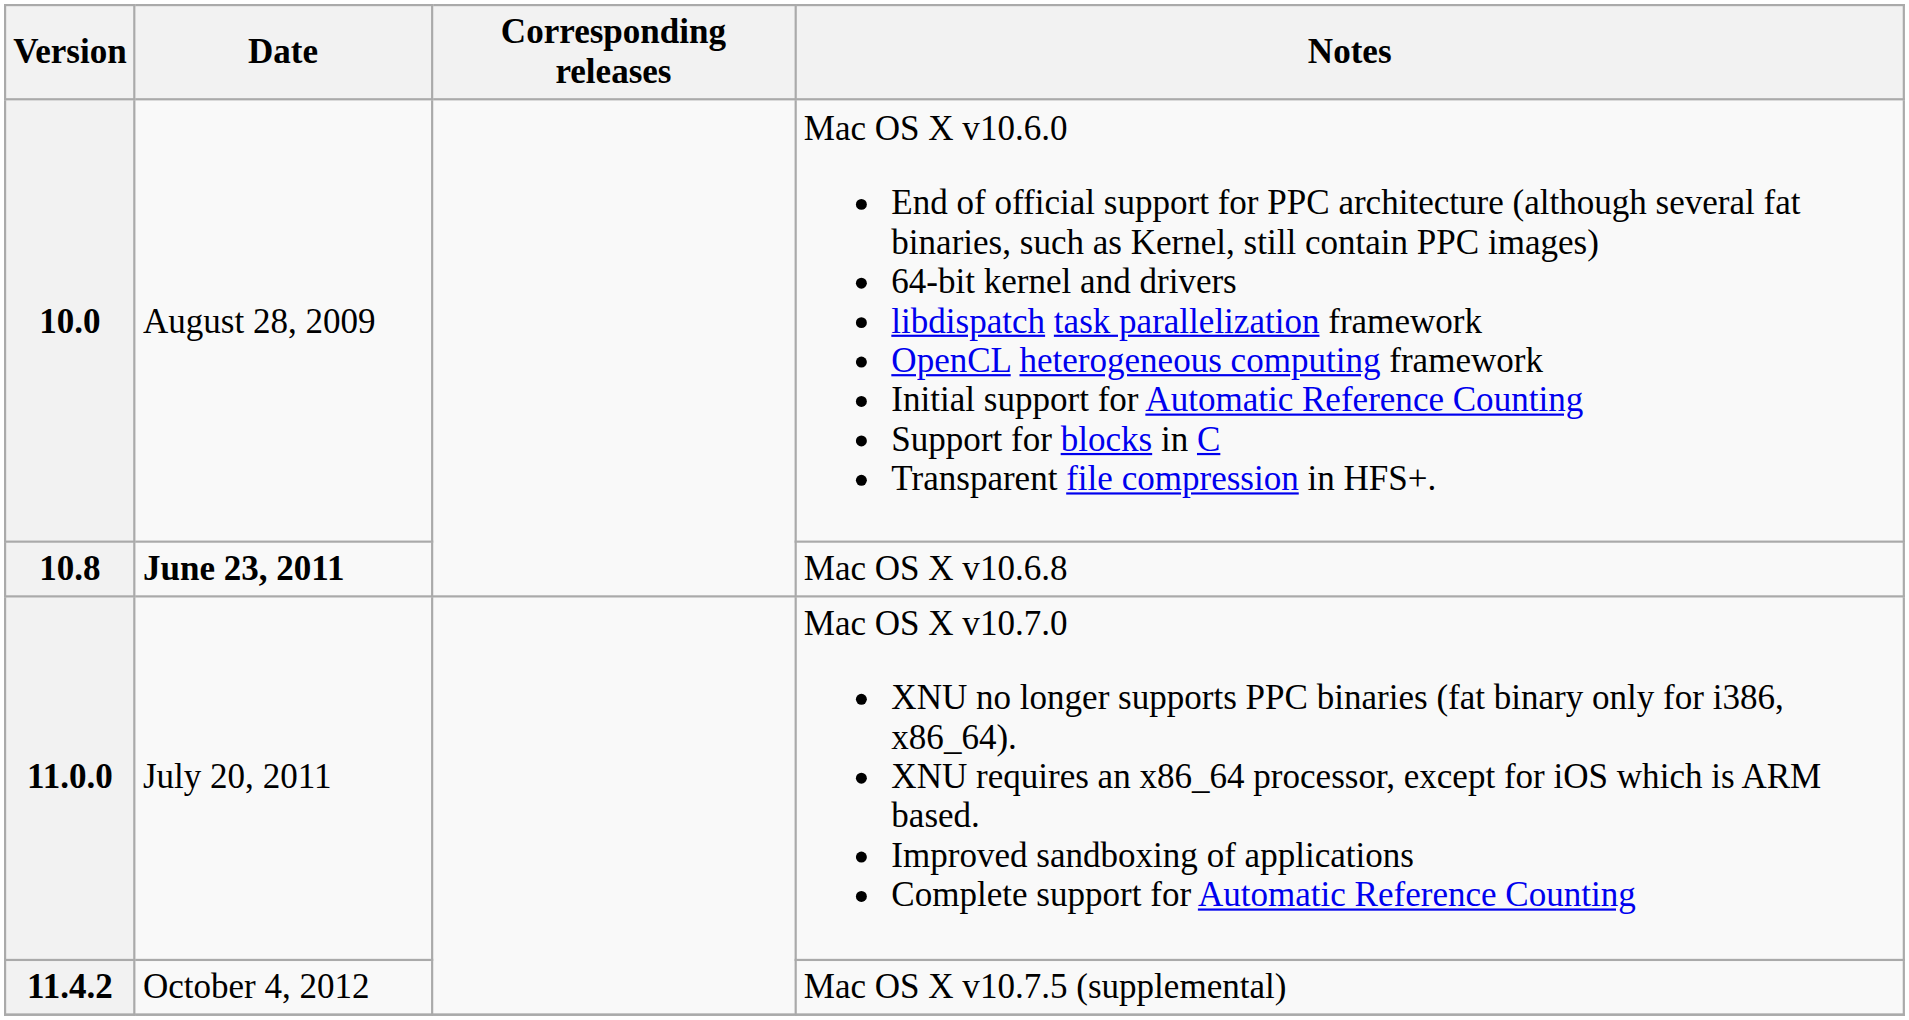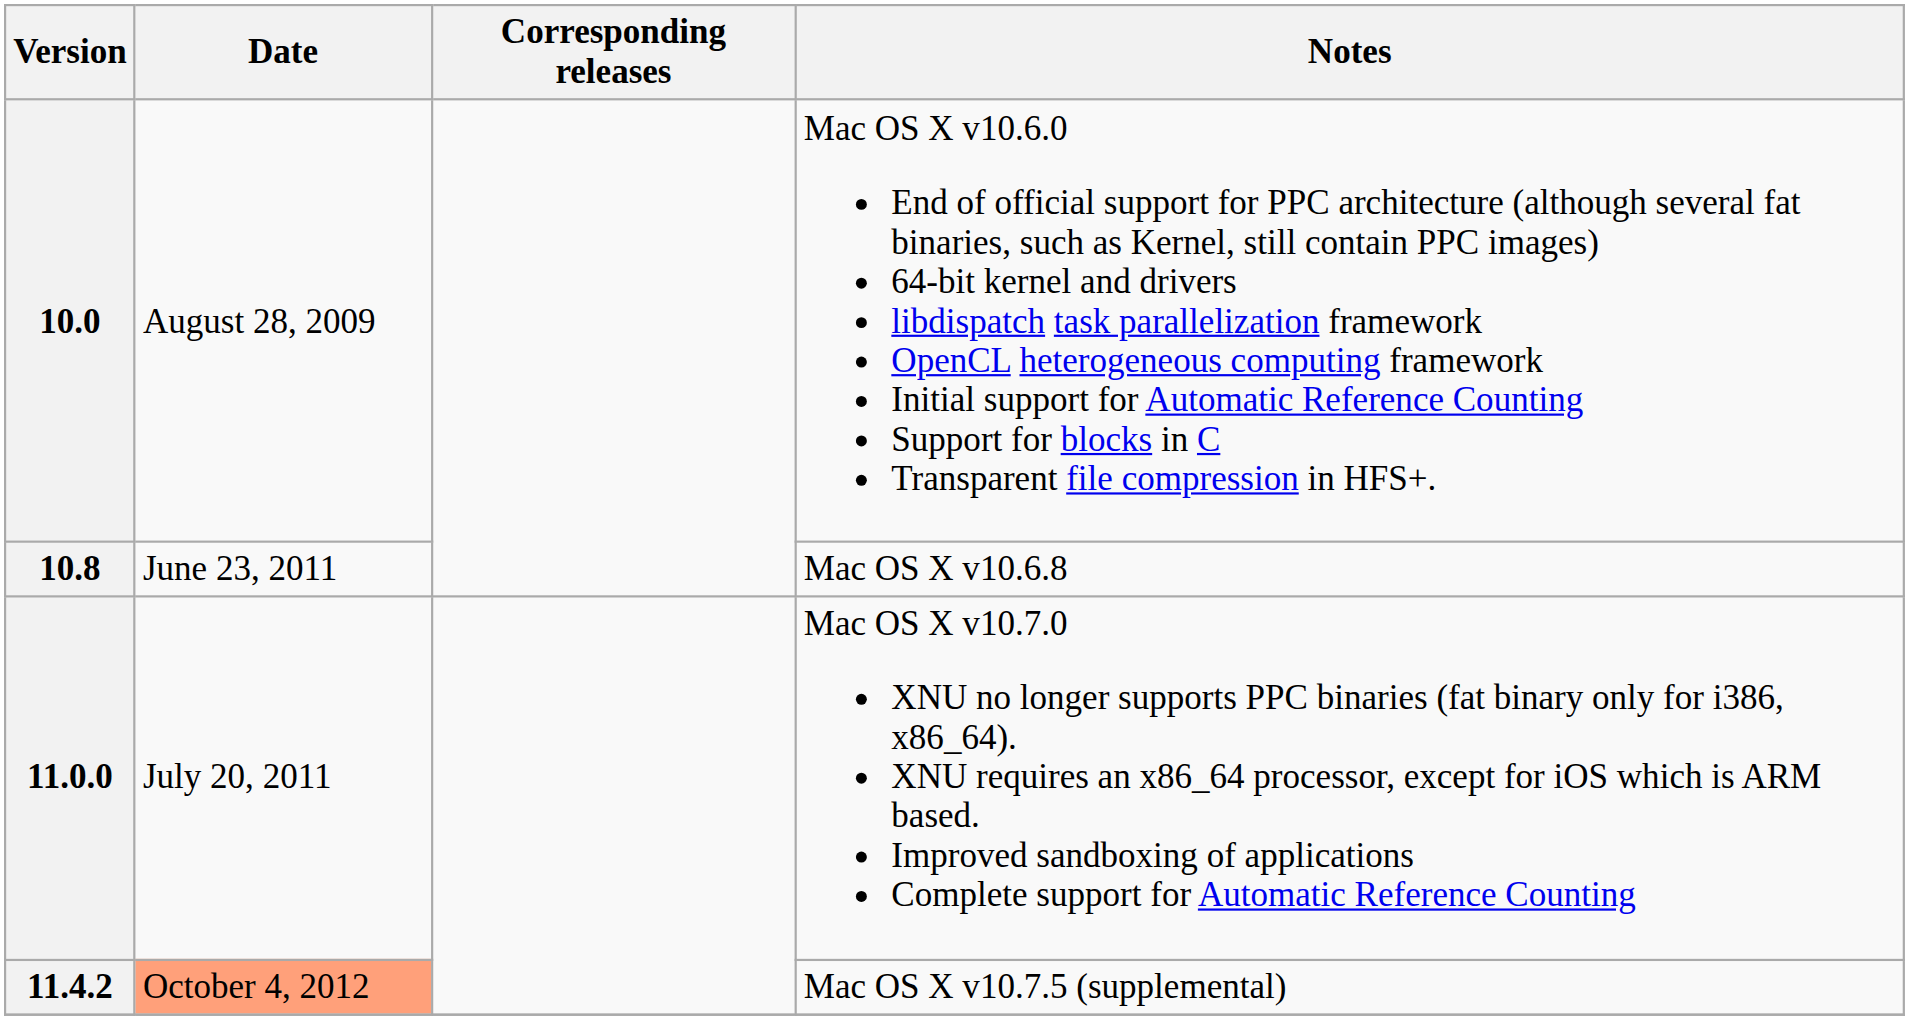 <table class="wikitable mw-collapsible mw-collapsed">
 <tr>
 <th>Version</th>
 <th style="width: 128px;">Date</th>
 <th style="width: 159px;">Corresponding releases</th>
 <th>Notes</th>
 </tr>
 <tr>
 <th>10.0</th>
 <td>August 28, 2009</td>
 <td rowspan="2"></td>
 <td>Mac OS X v10.6.0<br><ul><li>End of official support for PPC architecture (although several fat binaries, such as Kernel, still contain PPC images)</li><li>64-bit kernel and drivers</li><li><a href='#'>libdispatch</a> <a href='#'>task parallelization</a> framework</li><li><a href='#'>OpenCL</a> <a href='#'>heterogeneous computing</a> framework</li><li>Initial support for <a href='#'>Automatic Reference Counting</a></li><li>Support for <a href='#'>blocks</a> in <a href='#'>C</a></li><li>Transparent <a href='#'>file compression</a> in HFS+.</li></ul></td>
 </tr>
 <tr>
 <th>10.8</th>
-<td><strong>June 23, 2011</strong></td>
+<td>June 23, 2011</td>
 <td>Mac OS X v10.6.8</td>
 </tr>
 <tr>
 <th>11.0.0</th>
 <td>July 20, 2011</td>
 <td rowspan="2"></td>
 <td>Mac OS X v10.7.0<br><ul><li>XNU no longer supports PPC binaries (fat binary only for i386, x86_64).</li><li>XNU requires an x86_64 processor, except for iOS which is ARM based.</li><li>Improved sandboxing of applications</li><li>Complete support for <a href='#'>Automatic Reference Counting</a></li></ul></td>
 </tr>
 <tr>
 <th>11.4.2</th>
-<td>October 4, 2012</td>
+<td style="background: lightsalmon;">October 4, 2012</td>
 <td>Mac OS X v10.7.5 (supplemental)</td>
 </tr>
 <tr>
 </tr>
 </table>
